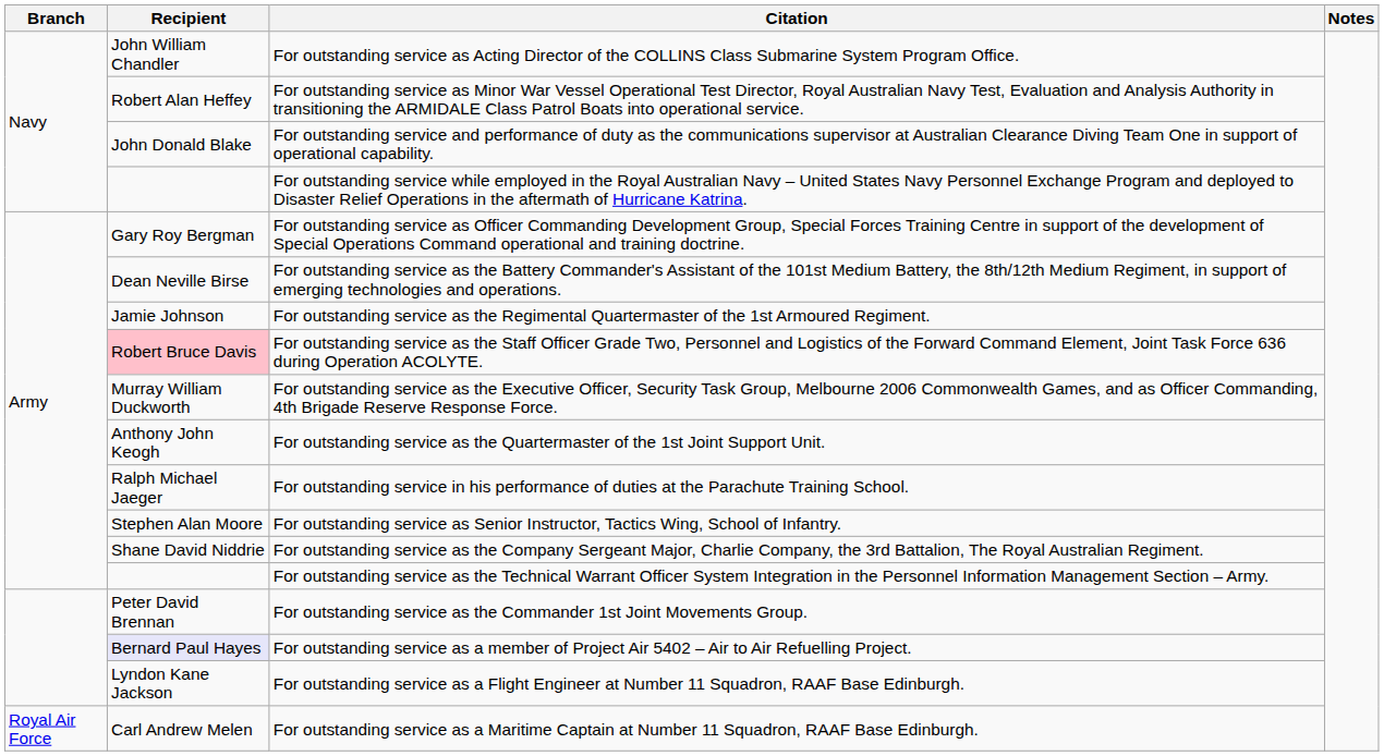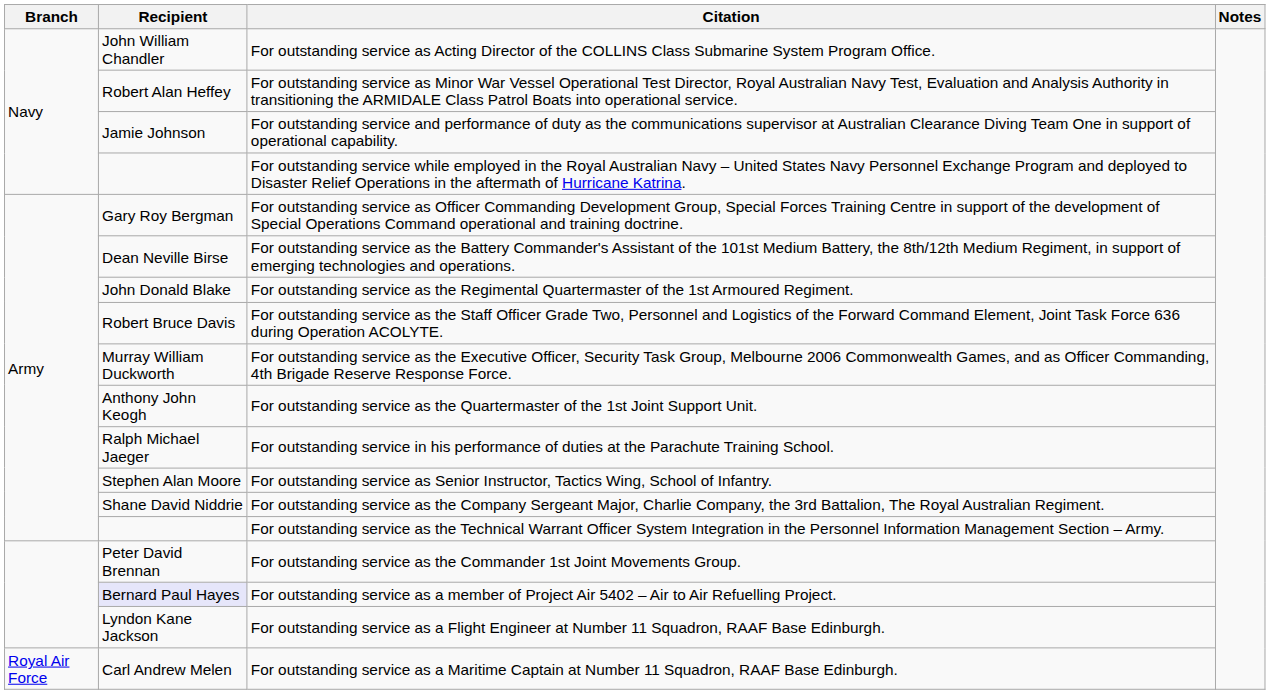 <table class="wikitable" style="font-size:95%;">
 <tr>
 <th>Branch</th>
 <th>Recipient</th>
 <th>Citation</th>
 <th>Notes</th>
 </tr>
 <tr>
 <td rowspan=4>Navy</td>
 <td> John William Chandler </td>
 <td>For outstanding service as Acting Director of the COLLINS Class Submarine System Program Office.</td>
 <td rowspan=18></td>
 </tr>
 <tr>
 <td> Robert Alan Heffey </td>
 <td>For outstanding service as Minor War Vessel Operational Test Director, Royal Australian Navy Test, Evaluation and Analysis Authority in transitioning the ARMIDALE Class Patrol Boats into operational service.</td>
 </tr>
 <tr>
-<td> John Donald Blake</td>
+<td> Jamie Johnson</td>
 <td>For outstanding service and performance of duty as the communications supervisor at Australian Clearance Diving Team One in support of operational capability.</td>
 </tr>
 <tr>
 <td></td>
 <td>For outstanding service while employed in the Royal Australian Navy – United States Navy Personnel Exchange Program and deployed to Disaster Relief Operations in the aftermath of <a href='#'>Hurricane Katrina</a>.</td>
 </tr>
 <tr>
 <td rowspan=10>Army</td>
 <td> Gary Roy Bergman</td>
 <td>For outstanding service as Officer Commanding Development Group, Special Forces Training Centre in support of the development of Special Operations Command operational and training doctrine.</td>
 </tr>
 <tr>
 <td> Dean Neville Birse</td>
 <td>For outstanding service as the Battery Commander's Assistant of the 101st Medium Battery, the 8th/12th Medium Regiment, in support of emerging technologies and operations.</td>
 </tr>
 <tr>
-<td> Jamie Johnson</td>
+<td> John Donald Blake</td>
 <td>For outstanding service as the Regimental Quartermaster of the 1st Armoured Regiment.</td>
 </tr>
 <tr>
-<td style="background: pink;"> Robert Bruce Davis</td>
+<td> Robert Bruce Davis</td>
 <td>For outstanding service as the Staff Officer Grade Two, Personnel and Logistics of the Forward Command Element, Joint Task Force 636 during Operation ACOLYTE.</td>
 </tr>
 <tr>
 <td> Murray William Duckworth</td>
 <td>For outstanding service as the Executive Officer, Security Task Group, Melbourne 2006 Commonwealth Games, and as Officer Commanding, 4th Brigade Reserve Response Force.</td>
 </tr>
 <tr>
 <td> Anthony John Keogh</td>
 <td>For outstanding service as the Quartermaster of the 1st Joint Support Unit.</td>
 </tr>
 <tr>
 <td> Ralph Michael Jaeger</td>
 <td>For outstanding service in his performance of duties at the Parachute Training School.</td>
 </tr>
 <tr>
 <td> Stephen Alan Moore</td>
 <td>For outstanding service as Senior Instructor, Tactics Wing, School of Infantry.</td>
 </tr>
 <tr>
 <td> Shane David Niddrie</td>
 <td>For outstanding service as the Company Sergeant Major, Charlie Company, the 3rd Battalion, The Royal Australian Regiment.</td>
 </tr>
 <tr>
 <td></td>
 <td>For outstanding service as the Technical Warrant Officer System Integration in the Personnel Information Management Section – Army.</td>
 </tr>
 <tr>
 <td rowspan=3></td>
 <td> Peter David Brennan</td>
 <td>For outstanding service as the Commander 1st Joint Movements Group.</td>
 </tr>
 <tr>
 <td style="background: lavender;"> Bernard Paul Hayes</td>
 <td>For outstanding service as a member of Project Air 5402 – Air to Air Refuelling Project.</td>
 </tr>
 <tr>
 <td> Lyndon Kane Jackson</td>
 <td>For outstanding service as a Flight Engineer at Number 11 Squadron, RAAF Base Edinburgh.</td>
 </tr>
 <tr>
 <td><a href='#'>Royal Air Force</a></td>
 <td> Carl Andrew Melen</td>
 <td>For outstanding service as a Maritime Captain at Number 11 Squadron, RAAF Base Edinburgh.</td>
 </tr>
 </table>
